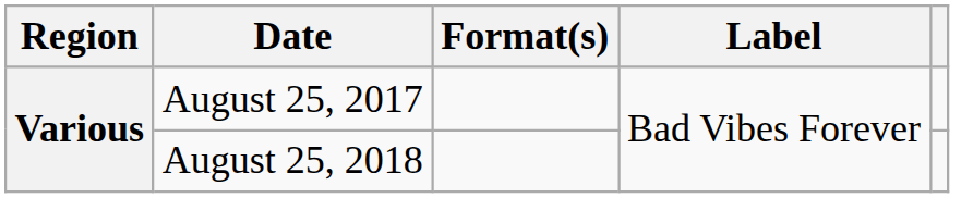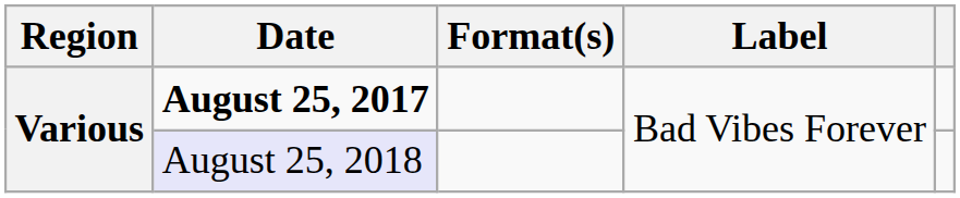 <table class="wikitable plainrowheaders">
 <tr>
 <th scope="col">Region</th>
 <th scope="col">Date</th>
 <th scope="col">Format(s)</th>
 <th scope="col">Label</th>
 <th scope="col"></th>
 </tr>
 <tr>
 <th rowspan="4" scope="row">Various</th>
-<td>August 25, 2017</td>
+<td><strong>August 25, 2017</strong></td>
 <td></td>
 <td rowspan="4">Bad Vibes Forever</td>
 <td></td>
 </tr>
 <tr>
-<td>August 25, 2018</td>
+<td style="background: lavender;">August 25, 2018</td>
 <td></td>
 <td><br></td>
 </tr>
 </table>
